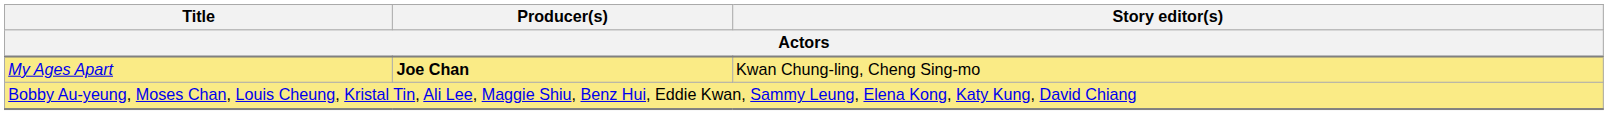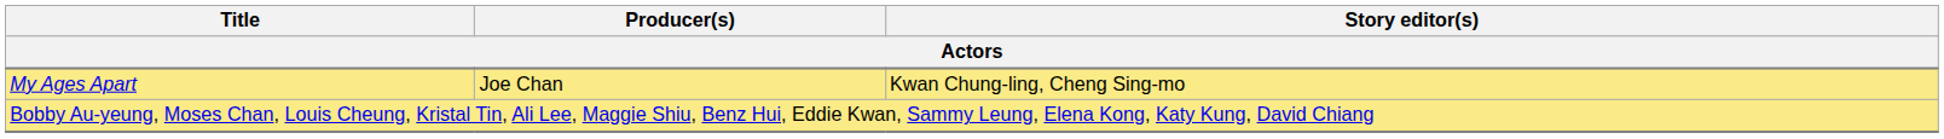 <table class="wikitable" border="1" width="100%">
 <tr style="background:#bebebe">
 <th>Title</th>
 <th>Producer(s)</th>
 <th>Story editor(s)</th>
 </tr>
 <tr style="background:#bebebe">
 <th colspan="3" style="border-bottom:2px solid grey">Actors</th>
 </tr>
 <tr style="background:#FAEB86">
 <td><em><a href='#'>My Ages Apart</a></em></td>
-<td><strong>Joe Chan</strong></td>
+<td>Joe Chan</td>
 <td>Kwan Chung-ling, Cheng Sing-mo</td>
 </tr>
 <tr style="background:#FAEB86">
 <td colspan="3" style="border-bottom:2px solid grey"><a href='#'>Bobby Au-yeung</a>, <a href='#'>Moses Chan</a>, <a href='#'>Louis Cheung</a>, <a href='#'>Kristal Tin</a>, <a href='#'>Ali Lee</a>, <a href='#'>Maggie Shiu</a>, <a href='#'>Benz Hui</a>, Eddie Kwan, <a href='#'>Sammy Leung</a>, <a href='#'>Elena Kong</a>, <a href='#'>Katy Kung</a>, <a href='#'>David Chiang</a></td>
 </tr>
 </table>
